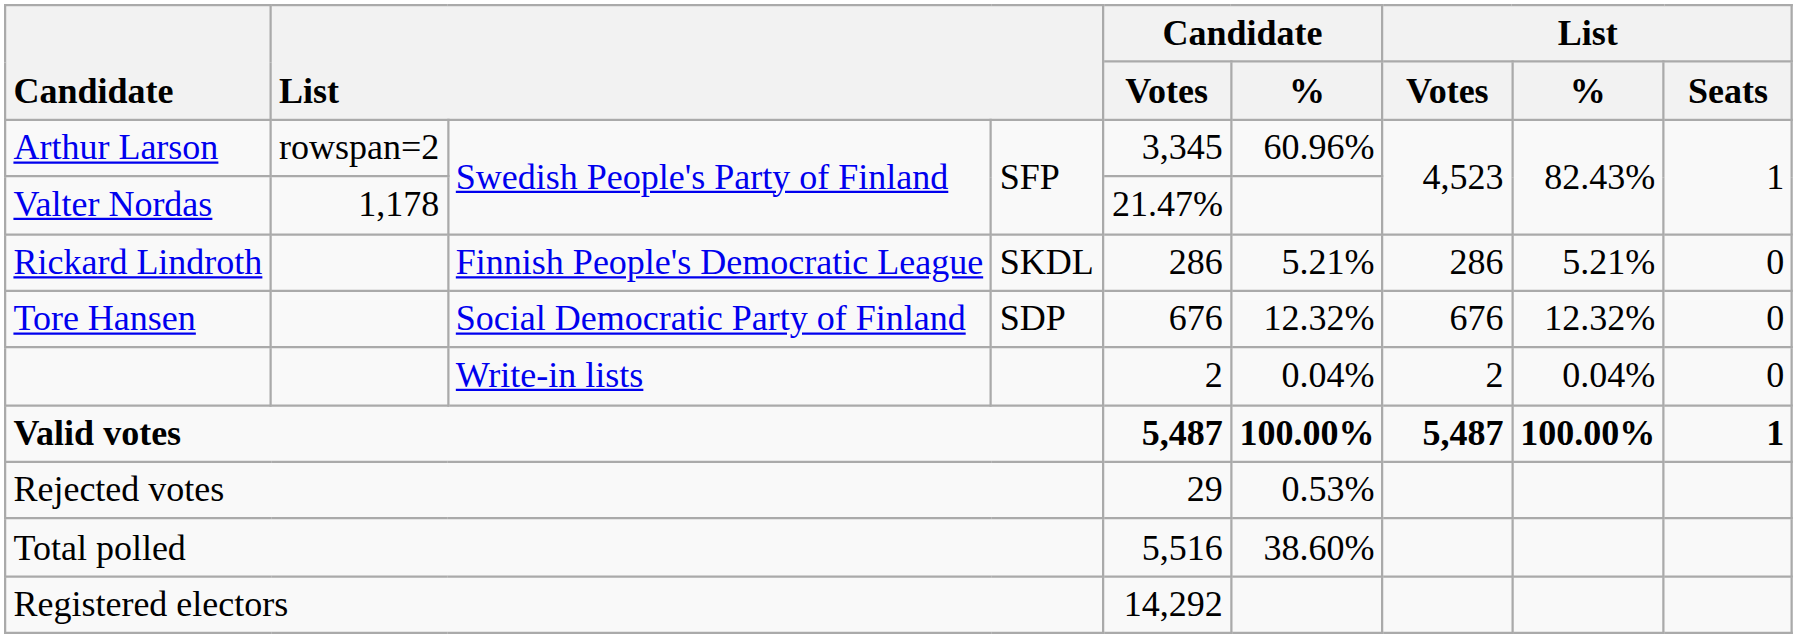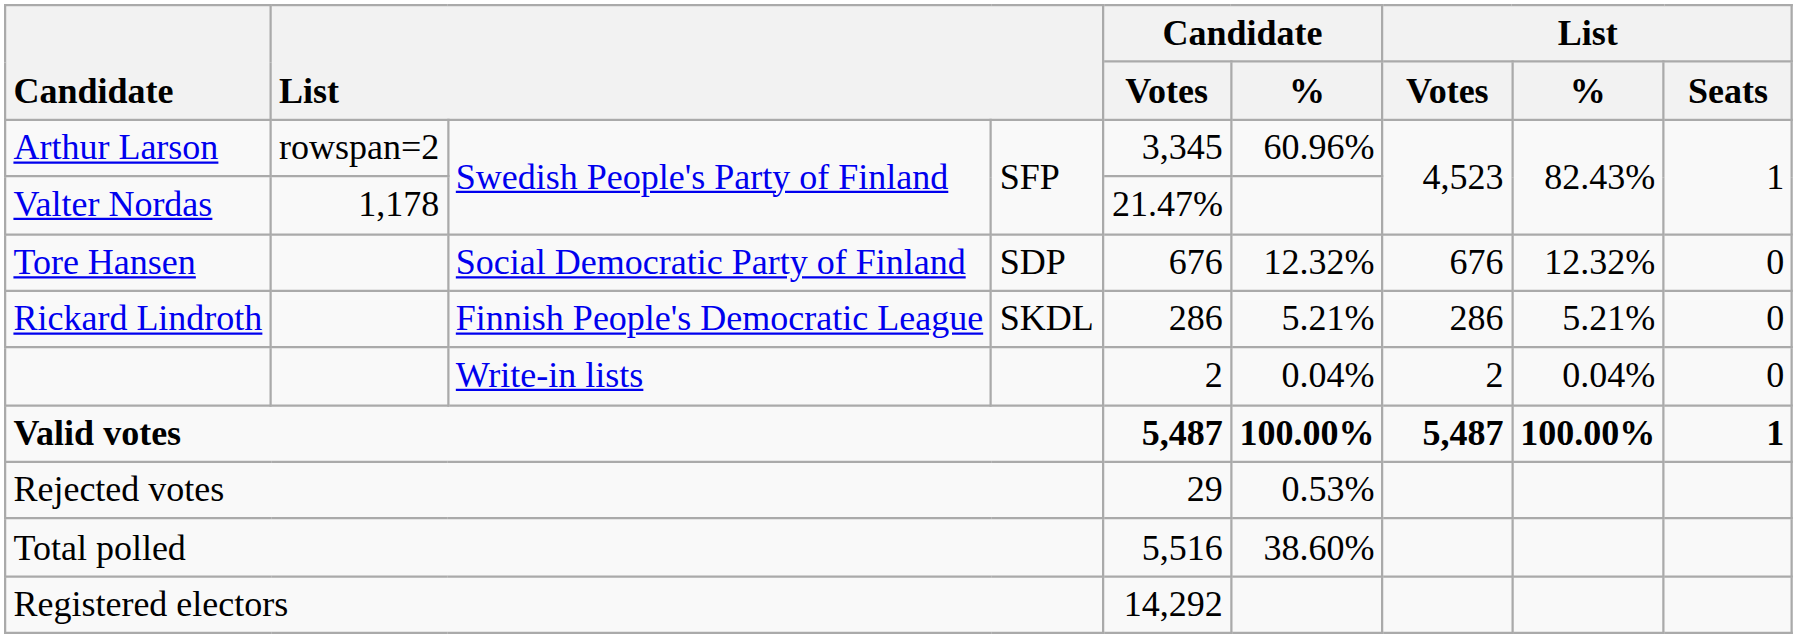 <table class="wikitable" border="1" style="text-align:right;">
 <tr>
 <th ! style="text-align:left;" valign=bottom rowspan=2>Candidate</th>
 <th style="text-align:left;" valign=bottom rowspan=2 colspan=3>List</th>
 <th colspan=2>Candidate</th>
 <th colspan=3>List</th>
 </tr>
 <tr>
 <th align=center valign=bottom width="50">Votes</th>
 <th align=center valign=bottom width="50">%</th>
 <th align=center valign=bottom width="50">Votes</th>
 <th align=center valign=bottom width="50">%</th>
 <th align=center valign=bottom width="50">Seats</th>
 </tr>
 <tr>
 <td align=left><a href='#'>Arthur Larson</a></td>
 <td>rowspan=2 </td>
 <td rowspan=2 align=left><a href='#'>Swedish People's Party of Finland</a></td>
 <td rowspan=2 align=left>SFP</td>
 <td>3,345</td>
 <td>60.96%</td>
 <td rowspan=2>4,523</td>
 <td rowspan=2>82.43%</td>
 <td rowspan=2>1</td>
 </tr>
 <tr>
 <td align=left><a href='#'>Valter Nordas</a></td>
 <td>1,178</td>
 <td>21.47%</td>
 </tr>
 <tr>
+<td align=left><a href='#'>Tore Hansen</a></td>
+<td></td>
+<td align=left><a href='#'>Social Democratic Party of Finland</a></td>
+<td align=left>SDP</td>
+<td>676</td>
+<td>12.32%</td>
+<td>676</td>
+<td>12.32%</td>
+<td>0</td>
+</tr>
+<tr>
 <td align=left><a href='#'>Rickard Lindroth</a></td>
 <td></td>
 <td align=left><a href='#'>Finnish People's Democratic League</a></td>
 <td align=left>SKDL</td>
 <td>286</td>
 <td>5.21%</td>
 <td>286</td>
 <td>5.21%</td>
-<td>0</td>
-</tr>
-<tr>
-<td align=left><a href='#'>Tore Hansen</a></td>
-<td></td>
-<td align=left><a href='#'>Social Democratic Party of Finland</a></td>
-<td align=left>SDP</td>
-<td>676</td>
-<td>12.32%</td>
-<td>676</td>
-<td>12.32%</td>
 <td>0</td>
 </tr>
 <tr>
 <td align=left></td>
 <td></td>
 <td align=left><a href='#'>Write-in lists</a></td>
 <td align=left></td>
 <td>2</td>
 <td>0.04%</td>
 <td>2</td>
 <td>0.04%</td>
 <td>0</td>
 </tr>
 <tr style="font-weight:bold">
 <td align=left colspan=4>Valid votes</td>
 <td>5,487</td>
 <td>100.00%</td>
 <td>5,487</td>
 <td>100.00%</td>
 <td>1</td>
 </tr>
 <tr>
 <td align=left colspan=4>Rejected votes</td>
 <td>29</td>
 <td>0.53%</td>
 <td></td>
 <td></td>
 <td></td>
 </tr>
 <tr>
 <td align=left colspan=4>Total polled</td>
 <td>5,516</td>
 <td>38.60%</td>
 <td></td>
 <td></td>
 <td></td>
 </tr>
 <tr>
 <td align=left colspan=4>Registered electors</td>
 <td>14,292</td>
 <td></td>
 <td></td>
 <td></td>
 <td></td>
 </tr>
 </table>
